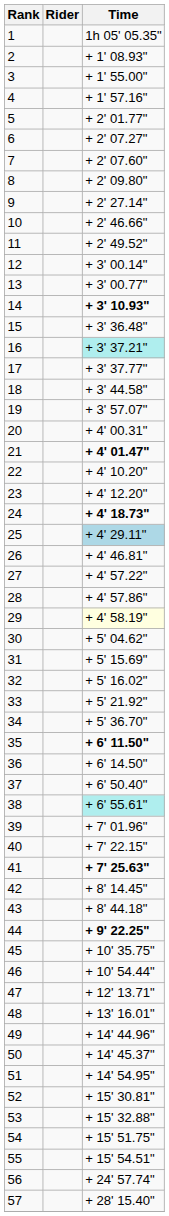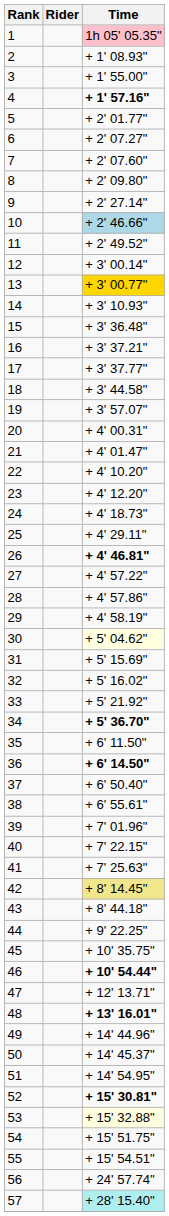 <table class="wikitable sortable">
 <tr>
 <th>Rank</th>
 <th>Rider</th>
 <th>Time</th>
 </tr>
 <tr>
 <td>1</td>
 <td></td>
-<td>1h 05' 05.35"</td>
+<td style="background: pink;">1h 05' 05.35"</td>
 </tr>
 <tr>
 <td>2</td>
 <td></td>
 <td>+ 1' 08.93"</td>
 </tr>
 <tr>
 <td>3</td>
 <td></td>
 <td>+ 1' 55.00"</td>
 </tr>
 <tr>
 <td>4</td>
 <td></td>
-<td>+ 1' 57.16"</td>
+<td><strong>+ 1' 57.16"</strong></td>
 </tr>
 <tr>
 <td>5</td>
 <td></td>
 <td>+ 2' 01.77"</td>
 </tr>
 <tr>
 <td>6</td>
 <td></td>
 <td>+ 2' 07.27"</td>
 </tr>
 <tr>
 <td>7</td>
 <td></td>
 <td>+ 2' 07.60"</td>
 </tr>
 <tr>
 <td>8</td>
 <td></td>
 <td>+ 2' 09.80"</td>
 </tr>
 <tr>
 <td>9</td>
 <td></td>
 <td>+ 2' 27.14"</td>
 </tr>
 <tr>
 <td>10</td>
 <td></td>
-<td>+ 2' 46.66"</td>
+<td style="background: lightblue;">+ 2' 46.66"</td>
 </tr>
 <tr>
 <td>11</td>
 <td></td>
 <td>+ 2' 49.52"</td>
 </tr>
 <tr>
 <td>12</td>
 <td></td>
 <td>+ 3' 00.14"</td>
 </tr>
 <tr>
 <td>13</td>
 <td></td>
-<td>+ 3' 00.77"</td>
+<td style="background: gold;">+ 3' 00.77"</td>
 </tr>
 <tr>
 <td>14</td>
 <td></td>
-<td><strong>+ 3' 10.93"</strong></td>
+<td>+ 3' 10.93"</td>
 </tr>
 <tr>
 <td>15</td>
 <td></td>
 <td>+ 3' 36.48"</td>
 </tr>
 <tr>
 <td>16</td>
 <td></td>
-<td style="background: paleturquoise;">+ 3' 37.21"</td>
+<td>+ 3' 37.21"</td>
 </tr>
 <tr>
 <td>17</td>
 <td></td>
 <td>+ 3' 37.77"</td>
 </tr>
 <tr>
 <td>18</td>
 <td></td>
 <td>+ 3' 44.58"</td>
 </tr>
 <tr>
 <td>19</td>
 <td></td>
 <td>+ 3' 57.07"</td>
 </tr>
 <tr>
 <td>20</td>
 <td></td>
 <td>+ 4' 00.31"</td>
 </tr>
 <tr>
 <td>21</td>
 <td></td>
-<td><strong>+ 4' 01.47"</strong></td>
+<td>+ 4' 01.47"</td>
 </tr>
 <tr>
 <td>22</td>
 <td></td>
 <td>+ 4' 10.20"</td>
 </tr>
 <tr>
 <td>23</td>
 <td></td>
 <td>+ 4' 12.20"</td>
 </tr>
 <tr>
 <td>24</td>
 <td></td>
-<td><strong>+ 4' 18.73"</strong></td>
+<td>+ 4' 18.73"</td>
 </tr>
 <tr>
 <td>25</td>
 <td></td>
-<td style="background: lightblue;">+ 4' 29.11"</td>
+<td>+ 4' 29.11"</td>
 </tr>
 <tr>
 <td>26</td>
 <td></td>
-<td>+ 4' 46.81"</td>
+<td><strong>+ 4' 46.81"</strong></td>
 </tr>
 <tr>
 <td>27</td>
 <td></td>
 <td>+ 4' 57.22"</td>
 </tr>
 <tr>
 <td>28</td>
 <td></td>
 <td>+ 4' 57.86"</td>
 </tr>
 <tr>
 <td>29</td>
 <td></td>
-<td style="background: lightyellow;">+ 4' 58.19"</td>
+<td>+ 4' 58.19"</td>
 </tr>
 <tr>
 <td>30</td>
 <td></td>
-<td>+ 5' 04.62"</td>
+<td style="background: lightyellow;">+ 5' 04.62"</td>
 </tr>
 <tr>
 <td>31</td>
 <td></td>
 <td>+ 5' 15.69"</td>
 </tr>
 <tr>
 <td>32</td>
 <td></td>
 <td>+ 5' 16.02"</td>
 </tr>
 <tr>
 <td>33</td>
 <td></td>
 <td>+ 5' 21.92"</td>
 </tr>
 <tr>
 <td>34</td>
 <td></td>
-<td>+ 5' 36.70"</td>
+<td><strong>+ 5' 36.70"</strong></td>
 </tr>
 <tr>
 <td>35</td>
 <td></td>
-<td><strong>+ 6' 11.50"</strong></td>
+<td>+ 6' 11.50"</td>
 </tr>
 <tr>
 <td>36</td>
 <td></td>
-<td>+ 6' 14.50"</td>
+<td><strong>+ 6' 14.50"</strong></td>
 </tr>
 <tr>
 <td>37</td>
 <td></td>
 <td>+ 6' 50.40"</td>
 </tr>
 <tr>
 <td>38</td>
 <td></td>
-<td style="background: paleturquoise;">+ 6' 55.61"</td>
+<td>+ 6' 55.61"</td>
 </tr>
 <tr>
 <td>39</td>
 <td></td>
 <td>+ 7' 01.96"</td>
 </tr>
 <tr>
 <td>40</td>
 <td></td>
 <td>+ 7' 22.15"</td>
 </tr>
 <tr>
 <td>41</td>
 <td></td>
-<td><strong>+ 7' 25.63"</strong></td>
+<td>+ 7' 25.63"</td>
 </tr>
 <tr>
 <td>42</td>
 <td></td>
-<td>+ 8' 14.45"</td>
+<td style="background: khaki;">+ 8' 14.45"</td>
 </tr>
 <tr>
 <td>43</td>
 <td></td>
 <td>+ 8' 44.18"</td>
 </tr>
 <tr>
 <td>44</td>
 <td></td>
-<td><strong>+ 9' 22.25"</strong></td>
+<td>+ 9' 22.25"</td>
 </tr>
 <tr>
 <td>45</td>
 <td></td>
 <td>+ 10' 35.75"</td>
 </tr>
 <tr>
 <td>46</td>
 <td></td>
-<td>+ 10' 54.44"</td>
+<td><strong>+ 10' 54.44"</strong></td>
 </tr>
 <tr>
 <td>47</td>
 <td></td>
 <td>+ 12' 13.71"</td>
 </tr>
 <tr>
 <td>48</td>
 <td></td>
-<td>+ 13' 16.01"</td>
+<td><strong>+ 13' 16.01"</strong></td>
 </tr>
 <tr>
 <td>49</td>
 <td></td>
 <td>+ 14' 44.96"</td>
 </tr>
 <tr>
 <td>50</td>
 <td></td>
 <td>+ 14' 45.37"</td>
 </tr>
 <tr>
 <td>51</td>
 <td></td>
 <td>+ 14' 54.95"</td>
 </tr>
 <tr>
 <td>52</td>
 <td></td>
-<td>+ 15' 30.81"</td>
+<td><strong>+ 15' 30.81"</strong></td>
 </tr>
 <tr>
 <td>53</td>
 <td></td>
-<td>+ 15' 32.88"</td>
+<td style="background: lightyellow;">+ 15' 32.88"</td>
 </tr>
 <tr>
 <td>54</td>
 <td></td>
 <td>+ 15' 51.75"</td>
 </tr>
 <tr>
 <td>55</td>
 <td></td>
 <td>+ 15' 54.51"</td>
 </tr>
 <tr>
 <td>56</td>
 <td></td>
 <td>+ 24' 57.74"</td>
 </tr>
 <tr>
 <td>57</td>
 <td></td>
-<td>+ 28' 15.40"</td>
+<td style="background: paleturquoise;">+ 28' 15.40"</td>
 </tr>
 <tr>
 </tr>
 </table>
